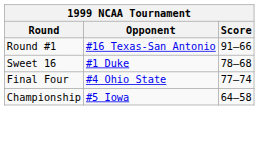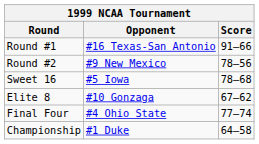 <table class="wikitable"  align="left">
 <tr>
 <th colspan="3">1999 NCAA Tournament</th>
 </tr>
 <tr>
 <th colspan="1">Round</th>
 <th colspan="1">Opponent</th>
 <th colspan="1">Score</th>
 </tr>
 <tr>
 <td>Round #1</td>
 <td><a href='#'>#16 Texas-San Antonio</a></td>
 <td>91–66</td>
 </tr>
 <tr>
+<td>Round #2</td>
+<td><a href='#'>#9 New Mexico</a></td>
+<td>78–56</td>
+</tr>
+<tr>
 <td>Sweet 16</td>
-<td><a href='#'>#1 Duke</a></td>
+<td><a href='#'>#5 Iowa</a></td>
 <td>78–68</td>
+</tr>
+<tr>
+<td>Elite 8</td>
+<td><a href='#'>#10 Gonzaga</a></td>
+<td>67–62</td>
 </tr>
 <tr>
 <td>Final Four</td>
 <td><a href='#'>#4 Ohio State</a></td>
 <td>77–74</td>
 </tr>
 <tr>
 <td>Championship</td>
-<td><a href='#'>#5 Iowa</a></td>
+<td><a href='#'>#1 Duke</a></td>
 <td>64–58</td>
 </tr>
 </table>
